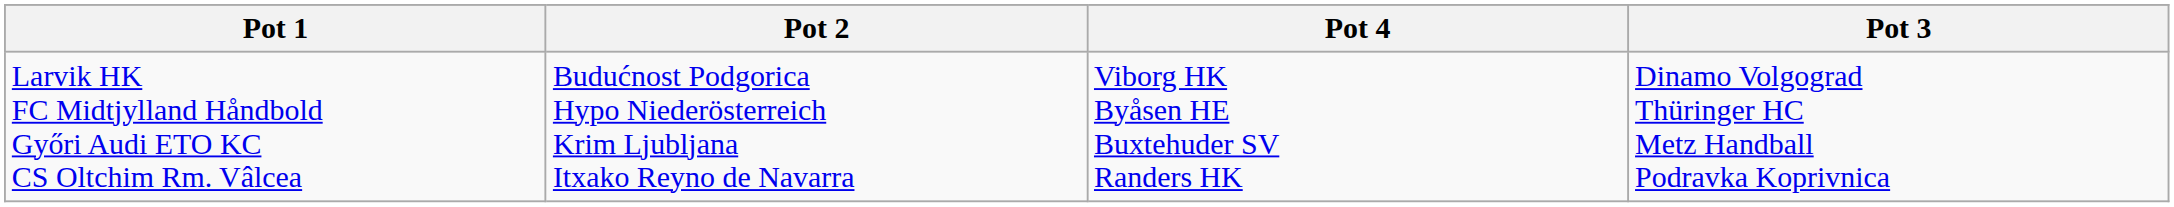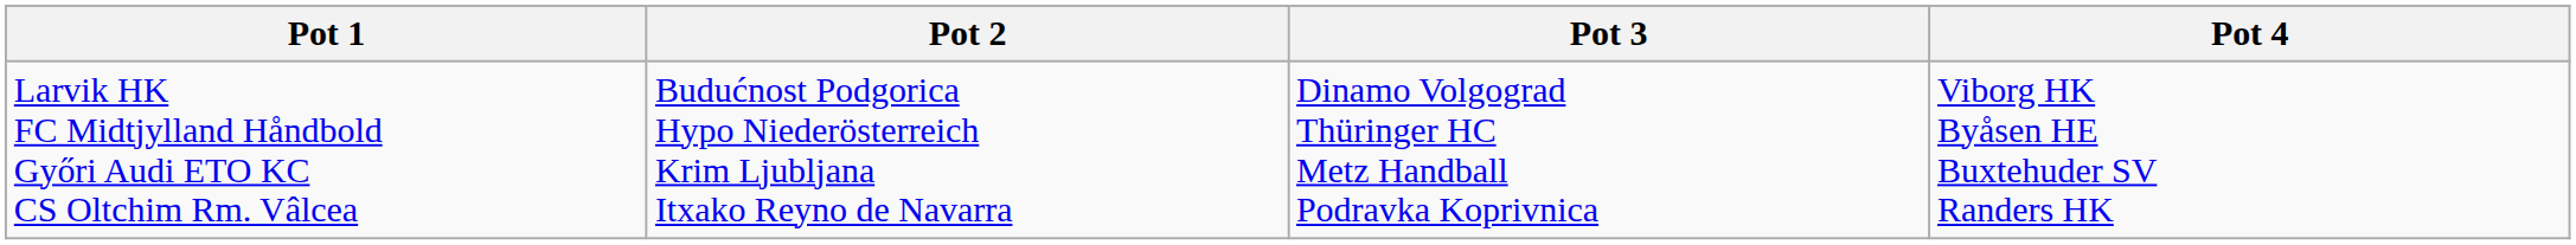 <table class="wikitable">
 <tr>
 <th width=15%>Pot 1</th>
 <th width=15%>Pot 2</th>
+<th width=15%>Pot 3</th>
 <th width=15%>Pot 4</th>
-<th width=15%>Pot 3</th>
 </tr>
 <tr>
 <td valign="top"> <a href='#'>Larvik HK</a><br> <a href='#'>FC Midtjylland Håndbold</a><br> <a href='#'>Győri Audi ETO KC</a><br> <a href='#'>CS Oltchim Rm. Vâlcea</a></td>
 <td valign="top"> <a href='#'>Budućnost Podgorica</a><br> <a href='#'>Hypo Niederösterreich</a><br> <a href='#'>Krim Ljubljana</a><br> <a href='#'>Itxako Reyno de Navarra</a></td>
+<td valign="top"> <a href='#'>Dinamo Volgograd</a> <br> <a href='#'>Thüringer HC</a><br> <a href='#'>Metz Handball</a><br> <a href='#'>Podravka Koprivnica</a></td>
 <td valign="top"> <a href='#'>Viborg HK</a><br> <a href='#'>Byåsen HE</a><br> <a href='#'>Buxtehuder SV</a><br> <a href='#'>Randers HK</a></td>
-<td valign="top"> <a href='#'>Dinamo Volgograd</a> <br> <a href='#'>Thüringer HC</a><br> <a href='#'>Metz Handball</a><br> <a href='#'>Podravka Koprivnica</a></td>
 </tr>
 </table>
